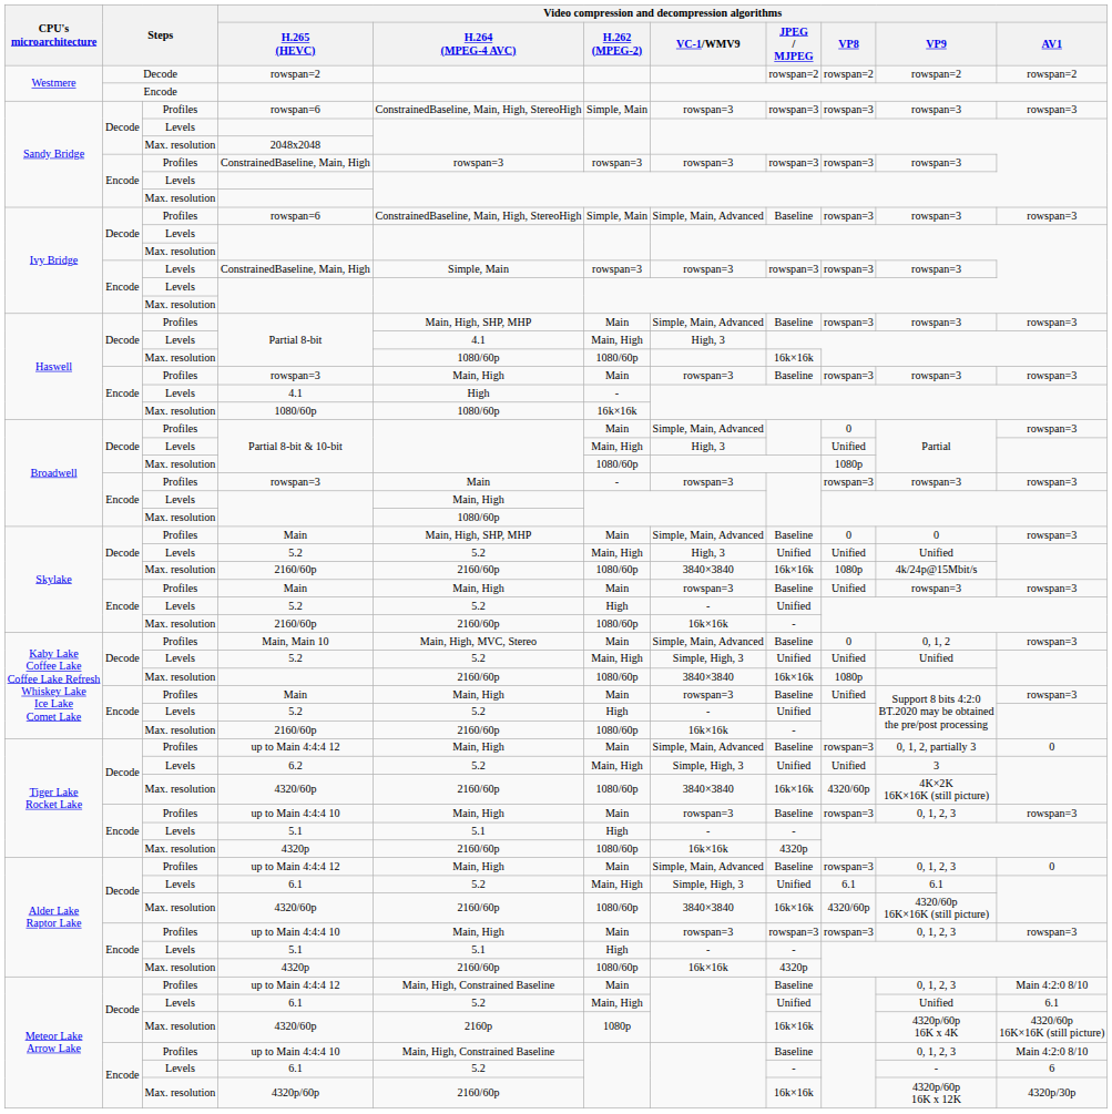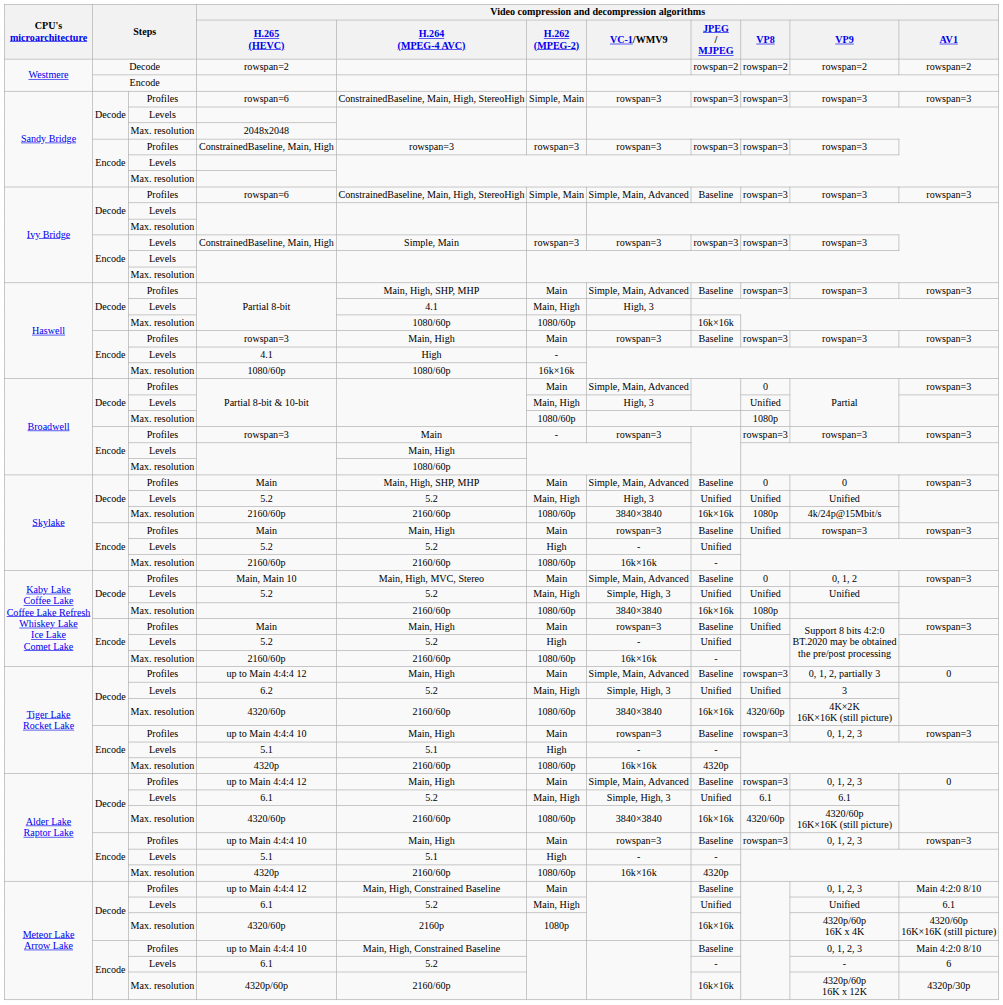 <table class="wikitable" style="text-align: center;">
 <tr>
 <th rowspan=2>CPU's<br><a href='#'>microarchitecture</a></th>
 <th colspan=2 rowspan=2>Steps</th>
 <th colspan="8">Video compression and decompression algorithms</th>
 </tr>
 <tr>
 <th><a href='#'>H.265<br>(HEVC)</a></th>
 <th><a href='#'>H.264<br>(MPEG-4 AVC)</a></th>
 <th><a href='#'>H.262<br>(MPEG-2)</a></th>
 <th><a href='#'>VC-1</a>/WMV9</th>
 <th><a href='#'>JPEG</a><br>/<br><a href='#'>MJPEG</a></th>
 <th><a href='#'>VP8</a></th>
 <th><a href='#'>VP9</a></th>
 <th><a href='#'>AV1</a></th>
 </tr>
 <tr>
 <td rowspan=2><a href='#'>Westmere</a></td>
 <td colspan=2>Decode</td>
 <td>rowspan=2 </td>
 <td></td>
 <td></td>
 <td></td>
 <td>rowspan=2 </td>
 <td>rowspan=2 </td>
 <td>rowspan=2 </td>
 <td>rowspan=2 </td>
 </tr>
 <tr>
 <td colspan=2>Encode</td>
 <td></td>
 <td></td>
 <td></td>
 </tr>
 <tr>
 <td rowspan=6><a href='#'>Sandy Bridge</a></td>
 <td rowspan=3>Decode</td>
 <td>Profiles</td>
 <td>rowspan=6 </td>
 <td>ConstrainedBaseline, Main, High, StereoHigh</td>
 <td>Simple, Main</td>
 <td>rowspan=3 </td>
 <td>rowspan=3 </td>
 <td>rowspan=3 </td>
 <td>rowspan=3 </td>
 <td>rowspan=3 </td>
 </tr>
 <tr>
 <td>Levels</td>
 <td></td>
 <td rowspan="2"></td>
 <td rowspan="2"></td>
 </tr>
 <tr>
 <td>Max. resolution</td>
 <td>2048x2048</td>
 </tr>
 <tr>
 <td rowspan=3>Encode</td>
 <td>Profiles</td>
 <td>ConstrainedBaseline, Main, High</td>
 <td>rowspan=3 </td>
 <td>rowspan=3 </td>
 <td>rowspan=3 </td>
 <td>rowspan=3 </td>
 <td>rowspan=3 </td>
 <td>rowspan=3 </td>
 </tr>
 <tr>
 <td>Levels</td>
 <td></td>
 </tr>
 <tr>
 <td>Max. resolution</td>
 <td></td>
 </tr>
 <tr>
 <td rowspan=6><a href='#'>Ivy Bridge</a></td>
 <td rowspan=3>Decode</td>
 <td>Profiles</td>
 <td>rowspan=6 </td>
 <td>ConstrainedBaseline, Main, High, StereoHigh</td>
 <td>Simple, Main</td>
 <td>Simple, Main, Advanced</td>
 <td>Baseline</td>
 <td>rowspan=3 </td>
 <td>rowspan=3 </td>
 <td>rowspan=3 </td>
 </tr>
 <tr>
 <td>Levels</td>
 <td rowspan="2"></td>
 <td rowspan="2"></td>
 <td rowspan="2"></td>
 </tr>
 <tr>
 <td>Max. resolution</td>
 </tr>
 <tr>
 <td rowspan=3>Encode</td>
 <td>Levels</td>
 <td>ConstrainedBaseline, Main, High</td>
 <td>Simple, Main</td>
 <td>rowspan=3 </td>
 <td>rowspan=3 </td>
 <td>rowspan=3 </td>
 <td>rowspan=3 </td>
 <td>rowspan=3 </td>
 </tr>
 <tr>
 <td>Levels</td>
 <td rowspan="2"></td>
 <td rowspan="2"></td>
 </tr>
 <tr>
 <td>Max. resolution</td>
 </tr>
 <tr>
 <td rowspan=6><a href='#'>Haswell</a></td>
 <td rowspan=3>Decode</td>
 <td>Profiles</td>
 <td rowspan="3">Partial 8-bit</td>
 <td>Main, High, SHP, MHP</td>
 <td>Main</td>
 <td>Simple, Main, Advanced</td>
 <td>Baseline</td>
 <td>rowspan=3 </td>
 <td>rowspan=3 </td>
 <td>rowspan=3 </td>
 </tr>
 <tr>
 <td>Levels</td>
 <td>4.1</td>
 <td>Main, High</td>
 <td>High, 3</td>
 </tr>
 <tr>
 <td>Max. resolution</td>
 <td>1080/60p</td>
 <td>1080/60p</td>
 <td></td>
 <td>16k×16k</td>
 </tr>
 <tr>
 <td rowspan=3>Encode</td>
 <td>Profiles</td>
 <td>rowspan=3 </td>
 <td>Main, High</td>
 <td>Main</td>
 <td>rowspan=3 </td>
 <td>Baseline</td>
 <td>rowspan=3 </td>
 <td>rowspan=3 </td>
 <td>rowspan=3 </td>
 </tr>
 <tr>
 <td>Levels</td>
 <td>4.1</td>
 <td>High</td>
 <td>-</td>
 </tr>
 <tr>
 <td>Max. resolution</td>
 <td>1080/60p</td>
 <td>1080/60p</td>
 <td>16k×16k</td>
 </tr>
 <tr>
 <td rowspan=6><a href='#'>Broadwell</a></td>
 <td rowspan=3>Decode</td>
 <td>Profiles</td>
 <td rowspan="3">Partial 8-bit & 10-bit</td>
 <td rowspan="3"></td>
 <td>Main</td>
 <td>Simple, Main, Advanced</td>
 <td rowspan="2"></td>
 <td>0</td>
 <td rowspan="3">Partial</td>
 <td>rowspan=3 </td>
 </tr>
 <tr>
 <td>Levels</td>
 <td>Main, High</td>
 <td>High, 3</td>
 <td>Unified</td>
 </tr>
 <tr>
 <td>Max. resolution</td>
 <td>1080/60p</td>
 <td colspan="2"></td>
 <td>1080p</td>
 </tr>
 <tr>
 <td rowspan=3>Encode</td>
 <td>Profiles</td>
 <td>rowspan=3 </td>
 <td>Main</td>
 <td>-</td>
 <td>rowspan=3 </td>
 <td rowspan="3"></td>
 <td>rowspan=3 </td>
 <td>rowspan=3 </td>
 <td>rowspan=3 </td>
 </tr>
 <tr>
 <td>Levels</td>
 <td rowspan="2"></td>
 <td>Main, High</td>
 </tr>
 <tr>
 <td>Max. resolution</td>
 <td>1080/60p</td>
 </tr>
 <tr>
 <td rowspan=6><a href='#'>Skylake</a></td>
 <td rowspan=3>Decode</td>
 <td>Profiles</td>
 <td>Main</td>
 <td>Main, High, SHP, MHP</td>
 <td>Main</td>
 <td>Simple, Main, Advanced</td>
 <td>Baseline</td>
 <td>0</td>
 <td>0</td>
 <td>rowspan=3 </td>
 </tr>
 <tr>
 <td>Levels</td>
 <td>5.2</td>
 <td>5.2</td>
 <td>Main, High</td>
 <td>High, 3</td>
 <td>Unified</td>
 <td>Unified</td>
 <td>Unified</td>
 </tr>
 <tr>
 <td>Max. resolution</td>
 <td>2160/60p</td>
 <td>2160/60p</td>
 <td>1080/60p</td>
 <td>3840×3840</td>
 <td>16k×16k</td>
 <td>1080p</td>
 <td>4k/24p@15Mbit/s</td>
 </tr>
 <tr>
 <td rowspan=3>Encode</td>
 <td>Profiles</td>
 <td>Main</td>
 <td>Main, High</td>
 <td>Main</td>
 <td>rowspan=3 </td>
 <td>Baseline</td>
 <td>Unified</td>
 <td>rowspan=3 </td>
 <td>rowspan=3 </td>
 </tr>
 <tr>
 <td>Levels</td>
 <td>5.2</td>
 <td>5.2</td>
 <td>High</td>
 <td>-</td>
 <td>Unified</td>
 </tr>
 <tr>
 <td>Max. resolution</td>
 <td>2160/60p</td>
 <td>2160/60p</td>
 <td>1080/60p</td>
 <td>16k×16k</td>
 <td>-</td>
 </tr>
 <tr>
 <td rowspan=6><a href='#'>Kaby Lake</a><br><a href='#'>Coffee Lake</a><br><a href='#'>Coffee Lake Refresh</a><br><a href='#'>Whiskey Lake</a><br><a href='#'>Ice Lake</a><br><a href='#'>Comet Lake</a></td>
 <td rowspan="3">Decode</td>
 <td>Profiles</td>
 <td>Main, Main 10</td>
 <td>Main, High, MVC, Stereo</td>
 <td>Main</td>
 <td>Simple, Main, Advanced</td>
 <td>Baseline</td>
 <td>0</td>
 <td>0, 1, 2</td>
 <td>rowspan=3 </td>
 </tr>
 <tr>
 <td>Levels</td>
 <td>5.2</td>
 <td>5.2</td>
 <td>Main, High</td>
 <td>Simple, High, 3</td>
 <td>Unified</td>
 <td>Unified</td>
 <td>Unified</td>
 </tr>
 <tr>
 <td>Max. resolution</td>
 <td></td>
 <td>2160/60p</td>
 <td>1080/60p</td>
 <td>3840×3840</td>
 <td>16k×16k</td>
 <td>1080p</td>
 <td></td>
 </tr>
 <tr>
 <td rowspan=3>Encode</td>
 <td>Profiles</td>
 <td>Main</td>
 <td>Main, High</td>
 <td>Main</td>
 <td>rowspan=3 </td>
 <td>Baseline</td>
 <td>Unified</td>
 <td rowspan="3">Support 8 bits 4:2:0<br>BT.2020 may be obtained<br>the pre/post processing</td>
 <td>rowspan=3 </td>
 </tr>
 <tr>
 <td>Levels</td>
 <td>5.2</td>
 <td>5.2</td>
 <td>High</td>
 <td>-</td>
 <td>Unified</td>
 </tr>
 <tr>
 <td>Max. resolution</td>
 <td>2160/60p</td>
 <td>2160/60p</td>
 <td>1080/60p</td>
 <td>16k×16k</td>
 <td>-</td>
 </tr>
 <tr>
 <td rowspan="6"><a href='#'>Tiger Lake</a><br><a href='#'>Rocket Lake</a></td>
 <td rowspan="3">Decode</td>
 <td>Profiles</td>
 <td>up to Main 4:4:4 12</td>
 <td>Main, High</td>
 <td>Main</td>
 <td>Simple, Main, Advanced</td>
 <td>Baseline</td>
 <td>rowspan=3 </td>
 <td>0, 1, 2, partially 3</td>
 <td>0</td>
 </tr>
 <tr>
 <td>Levels</td>
 <td>6.2</td>
 <td>5.2</td>
 <td>Main, High</td>
 <td>Simple, High, 3</td>
 <td>Unified</td>
 <td>Unified</td>
 <td>3</td>
 </tr>
 <tr>
 <td>Max. resolution</td>
 <td>4320/60p</td>
 <td>2160/60p</td>
 <td>1080/60p</td>
 <td>3840×3840</td>
 <td>16k×16k</td>
 <td>4320/60p</td>
 <td>4K×2K<br>16K×16K (still picture)</td>
 </tr>
 <tr>
 <td rowspan="3">Encode</td>
 <td>Profiles</td>
 <td>up to Main 4:4:4 10</td>
 <td>Main, High</td>
 <td>Main</td>
 <td>rowspan=3 </td>
 <td>Baseline</td>
 <td>rowspan=3 </td>
 <td>0, 1, 2, 3</td>
 <td>rowspan=3 </td>
 </tr>
 <tr>
 <td>Levels</td>
 <td>5.1</td>
 <td>5.1</td>
 <td>High</td>
 <td>-</td>
 <td>-</td>
 </tr>
 <tr>
 <td>Max. resolution</td>
 <td>4320p</td>
 <td>2160/60p</td>
 <td>1080/60p</td>
 <td>16k×16k</td>
 <td>4320p</td>
 </tr>
 <tr>
 <td rowspan="6"><a href='#'>Alder Lake</a><br><a href='#'>Raptor Lake</a></td>
 <td rowspan="3">Decode</td>
 <td>Profiles</td>
 <td>up to Main 4:4:4 12</td>
 <td>Main, High</td>
 <td>Main</td>
 <td>Simple, Main, Advanced</td>
 <td>Baseline</td>
 <td>rowspan=3 </td>
 <td>0, 1, 2, 3</td>
 <td>0</td>
 </tr>
 <tr>
 <td>Levels</td>
 <td>6.1</td>
 <td>5.2</td>
 <td>Main, High</td>
 <td>Simple, High, 3</td>
 <td>Unified</td>
 <td>6.1</td>
 <td>6.1</td>
 </tr>
 <tr>
 <td>Max. resolution</td>
 <td>4320/60p</td>
 <td>2160/60p</td>
 <td>1080/60p</td>
 <td>3840×3840</td>
 <td>16k×16k</td>
 <td>4320/60p</td>
 <td>4320/60p<br>16K×16K (still picture)</td>
 </tr>
 <tr>
 <td rowspan="3">Encode</td>
 <td>Profiles</td>
 <td>up to Main 4:4:4 10</td>
 <td>Main, High</td>
 <td>Main</td>
 <td>rowspan=3 </td>
-<td>rowspan=3 </td>
+<td>Baseline</td>
 <td>rowspan=3 </td>
 <td>0, 1, 2, 3</td>
 <td>rowspan=3 </td>
 </tr>
 <tr>
 <td>Levels</td>
 <td>5.1</td>
 <td>5.1</td>
 <td>High</td>
 <td>-</td>
 <td>-</td>
 </tr>
 <tr>
 <td>Max. resolution</td>
 <td>4320p</td>
 <td>2160/60p</td>
 <td>1080/60p</td>
 <td>16k×16k</td>
 <td>4320p</td>
 </tr>
 <tr>
 <td rowspan="6"><a href='#'>Meteor Lake</a><br><a href='#'>Arrow Lake</a></td>
 <td rowspan="3">Decode</td>
 <td>Profiles</td>
 <td>up to Main 4:4:4 12</td>
 <td>Main, High, Constrained Baseline</td>
 <td>Main</td>
 <td rowspan="3"></td>
 <td>Baseline</td>
 <td rowspan="3"></td>
 <td>0, 1, 2, 3</td>
 <td>Main 4:2:0 8/10</td>
 </tr>
 <tr>
 <td>Levels</td>
 <td>6.1</td>
 <td>5.2</td>
 <td>Main, High</td>
 <td>Unified</td>
 <td>Unified</td>
 <td>6.1</td>
 </tr>
 <tr>
 <td>Max. resolution</td>
 <td>4320/60p</td>
 <td>2160p</td>
 <td>1080p</td>
 <td>16k×16k</td>
 <td>4320p/60p<br>16K x 4K</td>
 <td>4320/60p<br>16K×16K (still picture)</td>
 </tr>
 <tr>
 <td rowspan="3">Encode</td>
 <td>Profiles</td>
 <td>up to Main 4:4:4 10</td>
 <td>Main, High, Constrained Baseline</td>
 <td rowspan="3"></td>
 <td rowspan="3"></td>
 <td>Baseline</td>
 <td rowspan="3"></td>
 <td>0, 1, 2, 3</td>
 <td>Main 4:2:0 8/10</td>
 </tr>
 <tr>
 <td>Levels</td>
 <td>6.1</td>
 <td>5.2</td>
 <td>-</td>
 <td>-</td>
 <td>6</td>
 </tr>
 <tr>
 <td>Max. resolution</td>
 <td>4320p/60p</td>
 <td>2160/60p</td>
 <td>16k×16k</td>
 <td>4320p/60p<br>16K x 12K</td>
 <td>4320p/30p</td>
 </tr>
 </table>
